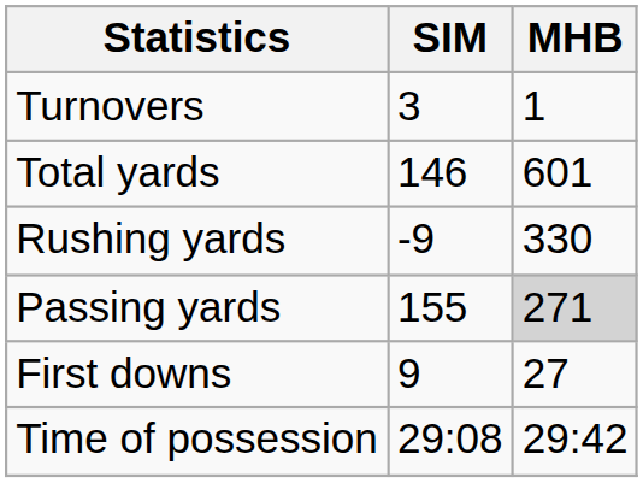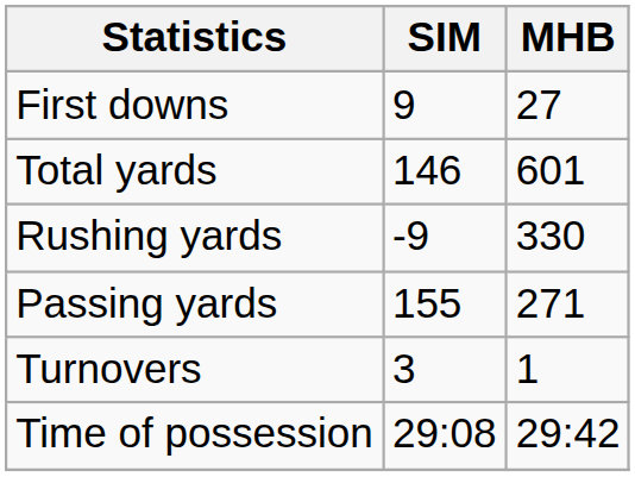 <table class="wikitable" style="float: left;">
 <tr>
 <th>Statistics</th>
 <th>SIM</th>
 <th>MHB</th>
 </tr>
 <tr>
-<td>Turnovers</td>
-<td>3</td>
-<td>1</td>
+<td>First downs</td>
+<td>9</td>
+<td>27</td>
 </tr>
 <tr>
 <td>Total yards</td>
 <td>146</td>
 <td>601</td>
 </tr>
 <tr>
 <td>Rushing yards</td>
 <td>-9</td>
 <td>330</td>
 </tr>
 <tr>
 <td>Passing yards</td>
 <td>155</td>
-<td style="background: lightgrey;">271</td>
+<td>271</td>
 </tr>
 <tr>
-<td>First downs</td>
-<td>9</td>
-<td>27</td>
+<td>Turnovers</td>
+<td>3</td>
+<td>1</td>
 </tr>
 <tr>
 <td>Time of possession</td>
 <td>29:08</td>
 <td>29:42</td>
 </tr>
 <tr>
 </tr>
 </table>
